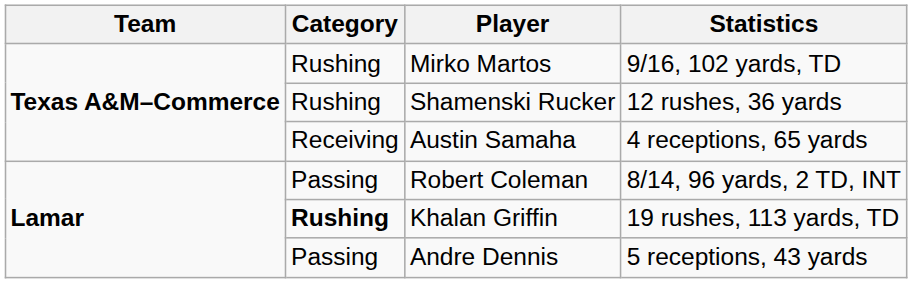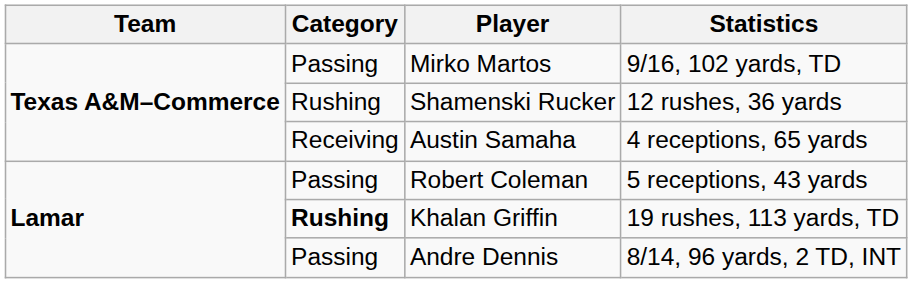 <table class="wikitable" style="float: right;">
 <tr>
 <th>Team</th>
 <th>Category</th>
 <th>Player</th>
 <th>Statistics</th>
 </tr>
 <tr>
 <td rowspan=3><strong>Texas A&M–Commerce</strong></td>
-<td>Rushing</td>
+<td>Passing</td>
 <td>Mirko Martos</td>
 <td>9/16, 102 yards, TD</td>
 </tr>
 <tr>
 <td>Rushing</td>
 <td>Shamenski Rucker</td>
 <td>12 rushes, 36 yards</td>
 </tr>
 <tr>
 <td>Receiving</td>
 <td>Austin Samaha</td>
 <td>4 receptions, 65 yards</td>
 </tr>
 <tr>
 <td rowspan=3><strong>Lamar</strong></td>
 <td>Passing</td>
 <td>Robert Coleman</td>
-<td>8/14, 96 yards, 2 TD, INT</td>
+<td>5 receptions, 43 yards</td>
 </tr>
 <tr>
 <td><strong>Rushing</strong></td>
 <td>Khalan Griffin</td>
 <td>19 rushes, 113 yards, TD</td>
 </tr>
 <tr>
 <td>Passing</td>
 <td>Andre Dennis</td>
-<td>5 receptions, 43 yards</td>
+<td>8/14, 96 yards, 2 TD, INT</td>
 </tr>
 </table>
